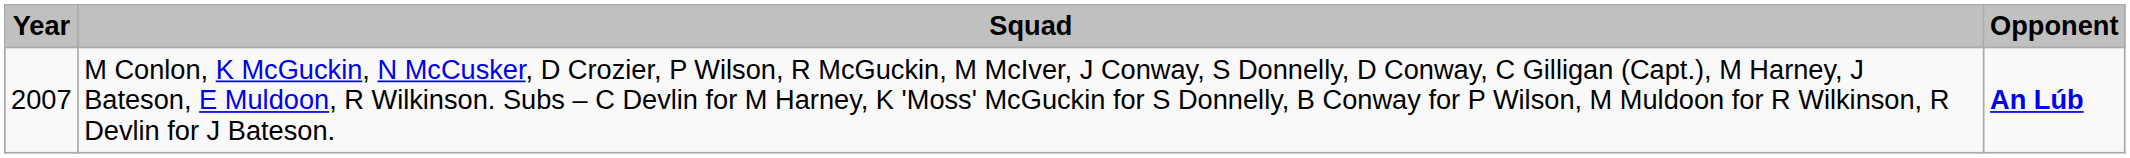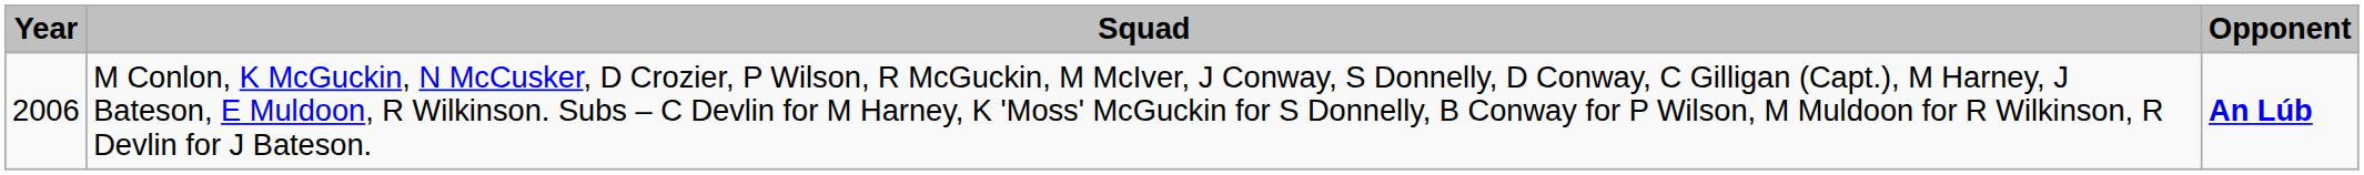 <table class="wikitable">
 <tr>
 <th style="background:silver;">Year</th>
 <th style="background:silver;">Squad</th>
 <th style="background:silver;">Opponent</th>
 </tr>
 <tr>
-<td>2007</td>
+<td>2006</td>
 <td>M Conlon, <a href='#'>K McGuckin</a>, <a href='#'>N McCusker</a>, D Crozier, P Wilson, R McGuckin, M McIver, J Conway, S Donnelly, D Conway, C Gilligan (Capt.), M Harney, J Bateson, <a href='#'>E Muldoon</a>, R Wilkinson. Subs – C Devlin for M Harney, K 'Moss' McGuckin for S Donnelly, B Conway for P Wilson, M Muldoon for R Wilkinson, R Devlin for J Bateson.</td>
 <td><strong><a href='#'>An Lúb</a></strong></td>
 </tr>
 </table>
